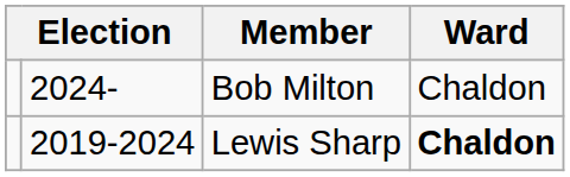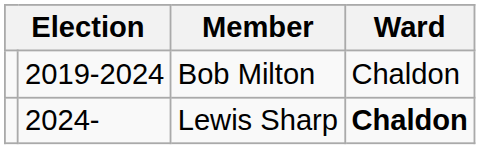 <table class="wikitable">
 <tr>
 <th colspan="2">Election</th>
 <th>Member</th>
 <th>Ward</th>
 </tr>
 <tr>
 <td style="background-color: "></td>
-<td>2024-</td>
+<td>2019-2024</td>
 <td>Bob Milton</td>
 <td>Chaldon</td>
 </tr>
 <tr>
 <td style="background-color: "></td>
-<td>2019-2024</td>
+<td>2024-</td>
 <td>Lewis Sharp</td>
 <td><strong>Chaldon</strong></td>
 </tr>
 </table>
